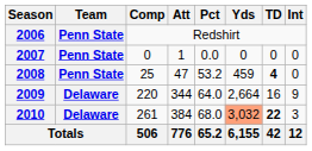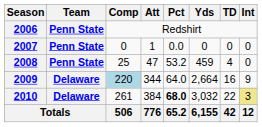 <table class="wikitable" style="text-align:center;">
 <tr>
 <th>Season</th>
 <th>Team</th>
 <th>Comp</th>
 <th>Att</th>
 <th>Pct</th>
 <th>Yds</th>
 <th>TD</th>
 <th>Int</th>
 </tr>
 <tr>
 <th><a href='#'>2006</a></th>
 <th><a href='#'>Penn State</a></th>
 <td colspan="6">Redshirt</td>
 </tr>
 <tr>
 <th><a href='#'>2007</a></th>
 <th><a href='#'>Penn State</a></th>
 <td>0</td>
 <td>1</td>
 <td>0.0</td>
 <td>0</td>
 <td>0</td>
 <td>0</td>
 </tr>
 <tr>
 <th><a href='#'>2008</a></th>
 <th><a href='#'>Penn State</a></th>
 <td>25</td>
 <td>47</td>
 <td>53.2</td>
 <td>459</td>
-<td><strong>4</strong></td>
+<td>4</td>
 <td>0</td>
 </tr>
 <tr>
 <th><a href='#'>2009</a></th>
 <th><a href='#'>Delaware</a></th>
-<td>220</td>
+<td style="background: lightblue;">220</td>
 <td>344</td>
 <td>64.0</td>
 <td>2,664</td>
 <td>16</td>
 <td>9</td>
 </tr>
 <tr>
 <th><a href='#'>2010</a></th>
 <th><a href='#'>Delaware</a></th>
 <td>261</td>
 <td>384</td>
-<td>68.0</td>
-<td style="background: lightsalmon;">3,032</td>
-<td><strong>22</strong></td>
-<td>3</td>
+<td><strong>68.0</strong></td>
+<td>3,032</td>
+<td>22</td>
+<td style="background: khaki;">3</td>
 </tr>
 <tr>
 <th colspan="2">Totals</th>
 <th>506</th>
 <th>776</th>
 <th>65.2</th>
 <th>6,155</th>
 <th>42</th>
 <th>12</th>
 </tr>
 </table>
